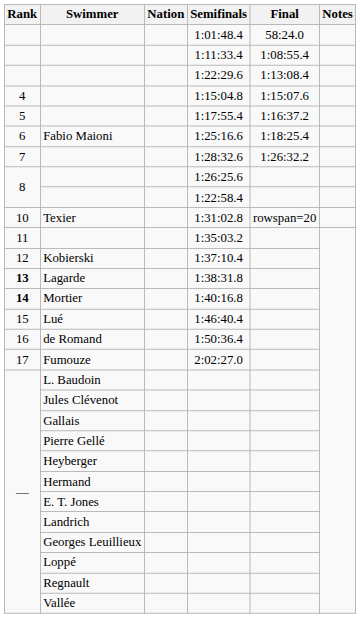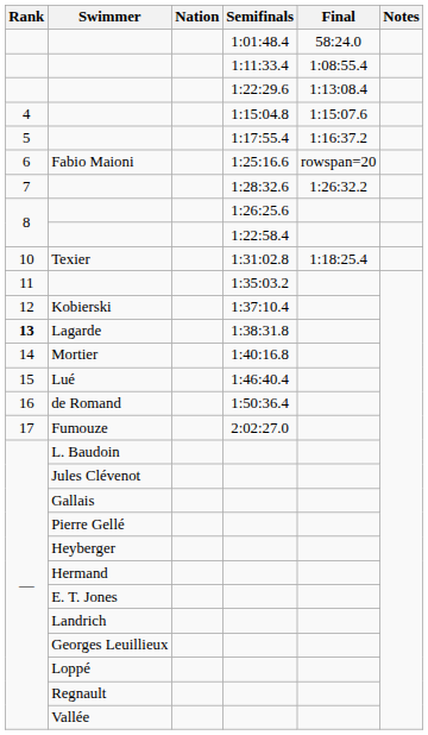 <table class="wikitable sortable" style="text-align:center">
 <tr>
 <th>Rank</th>
 <th>Swimmer</th>
 <th>Nation</th>
 <th>Semifinals</th>
 <th>Final</th>
 <th>Notes</th>
 </tr>
 <tr>
 <td></td>
 <td align=left></td>
 <td align=left></td>
 <td>1:01:48.4</td>
 <td data-sort-value=0:58:24.0>58:24.0</td>
 <td></td>
 </tr>
 <tr>
 <td></td>
 <td align=left></td>
 <td align=left></td>
 <td>1:11:33.4</td>
 <td>1:08:55.4</td>
 <td></td>
 </tr>
 <tr>
 <td></td>
 <td align=left></td>
 <td align=left></td>
 <td>1:22:29.6</td>
 <td>1:13:08.4</td>
 <td></td>
 </tr>
 <tr>
 <td>4</td>
 <td align=left></td>
 <td align=left></td>
 <td>1:15:04.8</td>
 <td>1:15:07.6</td>
 <td></td>
 </tr>
 <tr>
 <td>5</td>
 <td align=left></td>
 <td align=left></td>
 <td>1:17:55.4</td>
 <td>1:16:37.2</td>
 <td></td>
 </tr>
 <tr>
 <td>6</td>
 <td align=left>Fabio Maioni</td>
 <td align=left></td>
 <td>1:25:16.6</td>
-<td>1:18:25.4</td>
+<td>rowspan=20 </td>
 <td></td>
 </tr>
 <tr>
 <td>7</td>
 <td align=left></td>
 <td align=left></td>
 <td>1:28:32.6</td>
 <td>1:26:32.2</td>
 <td></td>
 </tr>
 <tr>
 <td rowspan=2>8</td>
 <td align=left></td>
 <td align=left></td>
 <td>1:26:25.6</td>
 <td></td>
 <td></td>
 </tr>
 <tr>
 <td align=left></td>
 <td align=left></td>
 <td>1:22:58.4</td>
 <td></td>
 <td></td>
 </tr>
 <tr>
 <td>10</td>
 <td align=left>Texier</td>
 <td align=left></td>
 <td>1:31:02.8</td>
-<td>rowspan=20 </td>
+<td>1:18:25.4</td>
 <td></td>
 </tr>
 <tr>
 <td>11</td>
 <td align=left></td>
 <td align=left></td>
 <td>1:35:03.2</td>
 <td></td>
 </tr>
 <tr>
 <td>12</td>
 <td align=left>Kobierski</td>
 <td align=left></td>
 <td>1:37:10.4</td>
 <td></td>
 </tr>
 <tr>
 <td><strong>13</strong></td>
 <td align=left>Lagarde</td>
 <td align=left></td>
 <td>1:38:31.8</td>
 <td></td>
 </tr>
 <tr>
-<td><strong>14</strong></td>
+<td>14</td>
 <td align=left>Mortier</td>
 <td align=left></td>
 <td>1:40:16.8</td>
 <td></td>
 </tr>
 <tr>
 <td>15</td>
 <td align=left>Lué</td>
 <td align=left></td>
 <td>1:46:40.4</td>
 <td></td>
 </tr>
 <tr>
 <td>16</td>
 <td align=left>de Romand</td>
 <td align=left></td>
 <td>1:50:36.4</td>
 <td></td>
 </tr>
 <tr>
 <td>17</td>
 <td align=left>Fumouze</td>
 <td align=left></td>
 <td>2:02:27.0</td>
 <td></td>
 </tr>
 <tr>
 <td rowspan=12 data-sort-value=18>—</td>
 <td align=left>L. Baudoin</td>
 <td align=left></td>
 <td></td>
 <td></td>
 </tr>
 <tr>
 <td align=left>Jules Clévenot</td>
 <td align=left></td>
 <td></td>
 <td></td>
 </tr>
 <tr>
 <td align=left>Gallais</td>
 <td align=left></td>
 <td></td>
 <td></td>
 </tr>
 <tr>
 <td align=left>Pierre Gellé</td>
 <td align=left></td>
 <td></td>
 <td></td>
 </tr>
 <tr>
 <td align=left>Heyberger</td>
 <td align=left></td>
 <td></td>
 <td></td>
 </tr>
 <tr>
 <td align=left>Hermand</td>
 <td align=left></td>
 <td></td>
 <td></td>
 </tr>
 <tr>
 <td align=left>E. T. Jones</td>
 <td align=left></td>
 <td></td>
 <td></td>
 </tr>
 <tr>
 <td align=left>Landrich</td>
 <td align=left></td>
 <td></td>
 <td></td>
 </tr>
 <tr>
 <td align=left>Georges  Leuillieux</td>
 <td align=left></td>
 <td></td>
 <td></td>
 </tr>
 <tr>
 <td align=left>Loppé</td>
 <td align=left></td>
 <td></td>
 <td></td>
 </tr>
 <tr>
 <td align=left>Regnault</td>
 <td align=left></td>
 <td></td>
 <td></td>
 </tr>
 <tr>
 <td align=left>Vallée</td>
 <td align=left></td>
 <td></td>
 <td></td>
 </tr>
 </table>
